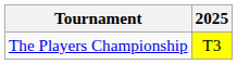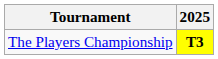 <table class="wikitable" style="font-size:95%;text-align:center;">
 <tr>
 <th>Tournament</th>
 <th>2025</th>
 </tr>
 <tr>
 <td align=left><a href='#'>The Players Championship</a></td>
-<td style="background:yellow;">T3</td>
+<td style="background:yellow;"><strong>T3</strong></td>
 </tr>
 </table>
